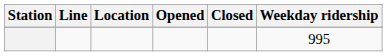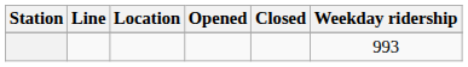 <table class="wikitable sortable plainrowheaders">
 <tr>
 <th scope=col>Station</th>
 <th scope=col>Line</th>
 <th scope=col>Location</th>
 <th scope=col>Opened</th>
 <th scope=col>Closed</th>
 <th scope=col data-sort-type="number">Weekday ridership</th>
 </tr>
 <tr>
 </tr>
 <tr>
 <th scope=row></th>
 <td></td>
 <td></td>
 <td></td>
 <td></td>
-<td align=center>995</td>
+<td align=center>993</td>
 </tr>
 </table>
